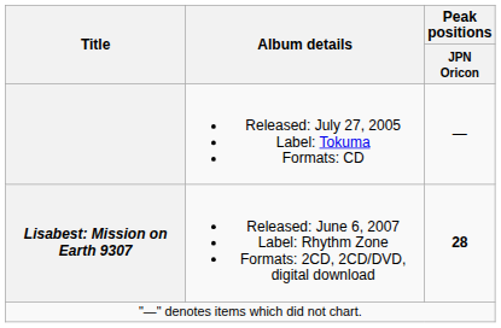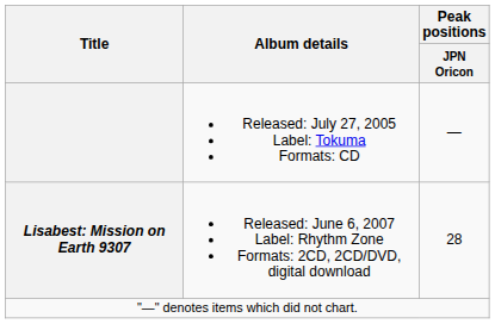 <table class="wikitable plainrowheaders" style="text-align:center;">
 <tr>
 <th style="width:12em;" rowspan="2">Title</th>
 <th style="width:16em;" rowspan="2">Album details</th>
 <th colspan="1">Peak positions</th>
 </tr>
 <tr>
 <th style="width:2.5em;"><small>JPN<br>Oricon</small><br></th>
 </tr>
 <tr>
 <th scope="row"></th>
 <td><br><ul><li>Released: July 27, 2005</li><li>Label: <a href='#'>Tokuma</a></li><li>Formats: CD</li></ul></td>
 <td>—</td>
 </tr>
 <tr>
 <th scope="row"><em>Lisabest: Mission on Earth 9307</em></th>
 <td><br><ul><li>Released: June 6, 2007</li><li>Label: Rhythm Zone</li><li>Formats: 2CD, 2CD/DVD, digital download</li></ul></td>
-<td><strong>28</strong></td>
+<td>28</td>
 </tr>
 <tr>
 <td colspan="12" align="center" style="font-size:90%;">"—" denotes items which did not chart.</td>
 </tr>
 </table>
